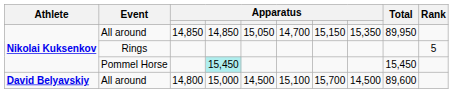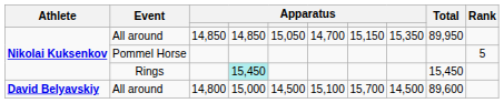 <table class="wikitable" style="font-size:90%">
 <tr>
 <th rowspan=2>Athlete</th>
 <th rowspan=2>Event</th>
 <th colspan =6>Apparatus</th>
 <th rowspan=2>Total</th>
 <th rowspan=2>Rank</th>
 </tr>
 <tr style="font-size:95%">
 <th></th>
 <th></th>
 <th></th>
 <th></th>
 <th></th>
 <th></th>
 </tr>
 <tr align=center>
 <td align=left rowspan=3><strong><a href='#'>Nikolai Kuksenkov</a></strong></td>
 <td align=left>All around</td>
 <td>14,850</td>
 <td>14,850</td>
 <td>15,050</td>
 <td>14,700</td>
 <td>15,150</td>
 <td>15,350</td>
 <td>89,950</td>
 <td></td>
 </tr>
 <tr align=center>
-<td alighn=left>Rings</td>
+<td align=left>Pommel Horse</td>
 <td></td>
 <td></td>
 <td></td>
 <td></td>
 <td></td>
 <td></td>
 <td></td>
 <td>5</td>
 </tr>
 <tr align=center>
-<td align=left>Pommel Horse</td>
+<td alighn=left>Rings</td>
 <td></td>
 <td style="background: paleturquoise;">15,450</td>
 <td></td>
 <td></td>
 <td></td>
 <td></td>
 <td>15,450</td>
 <td></td>
 </tr>
 <tr align=center>
 <td align=left rowspan=3><strong><a href='#'>David Belyavskiy</a></strong></td>
 <td align=left>All around</td>
 <td>14,800</td>
 <td>15,000</td>
 <td>14,500</td>
 <td>15,100</td>
 <td>15,700</td>
 <td>14,500</td>
 <td>89,600</td>
 <td></td>
 </tr>
 </table>
